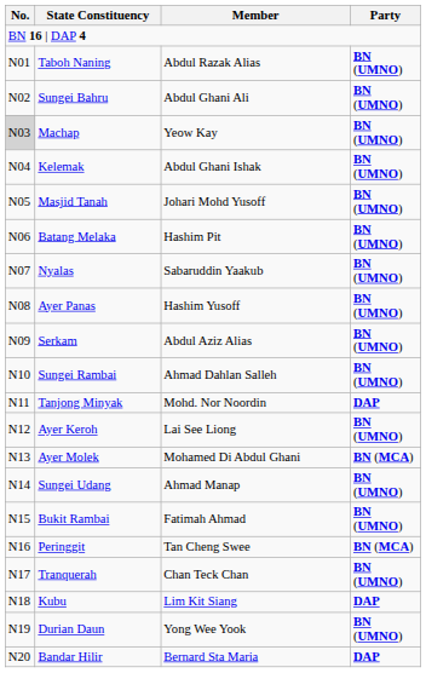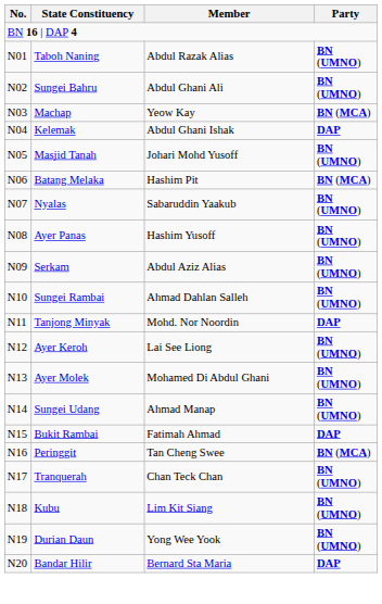 <table class="wikitable sortable">
 <tr>
 <th style="width:30px;">No.</th>
 <th style="width:150px;">State Constituency</th>
 <th style="width:230px;">Member</th>
 <th style="width:80px;">Party</th>
 </tr>
 <tr>
 <td colspan="4"><a href='#'>BN</a> <strong>16</strong> | <a href='#'>DAP</a> <strong>4</strong></td>
 </tr>
 <tr>
 <td>N01</td>
 <td><a href='#'>Taboh Naning</a></td>
 <td>Abdul Razak Alias</td>
 <td><strong><a href='#'>BN</a></strong> (<strong><a href='#'>UMNO</a></strong>)</td>
 </tr>
 <tr>
 <td>N02</td>
 <td><a href='#'>Sungei Bahru</a></td>
 <td>Abdul Ghani Ali</td>
 <td><strong><a href='#'>BN</a></strong> (<strong><a href='#'>UMNO</a></strong>)</td>
 </tr>
 <tr>
-<td style="background: lightgrey;">N03</td>
+<td>N03</td>
 <td><a href='#'>Machap</a></td>
 <td>Yeow Kay</td>
-<td><strong><a href='#'>BN</a></strong> (<strong><a href='#'>UMNO</a></strong>)</td>
+<td><strong><a href='#'>BN</a></strong> (<strong><a href='#'>MCA</a></strong>)</td>
 </tr>
 <tr>
 <td>N04</td>
 <td><a href='#'>Kelemak</a></td>
 <td>Abdul Ghani Ishak</td>
-<td><strong><a href='#'>BN</a></strong> (<strong><a href='#'>UMNO</a></strong>)</td>
+<td><strong><a href='#'>DAP</a></strong></td>
 </tr>
 <tr>
 <td>N05</td>
 <td><a href='#'>Masjid Tanah</a></td>
 <td>Johari Mohd Yusoff</td>
 <td><strong><a href='#'>BN</a></strong> (<strong><a href='#'>UMNO</a></strong>)</td>
 </tr>
 <tr>
 <td>N06</td>
 <td><a href='#'>Batang Melaka</a></td>
 <td>Hashim Pit</td>
-<td><strong><a href='#'>BN</a></strong> (<strong><a href='#'>UMNO</a></strong>)</td>
+<td><strong><a href='#'>BN</a></strong> (<strong><a href='#'>MCA</a></strong>)</td>
 </tr>
 <tr>
 <td>N07</td>
 <td><a href='#'>Nyalas</a></td>
 <td>Sabaruddin Yaakub</td>
 <td><strong><a href='#'>BN</a></strong> (<strong><a href='#'>UMNO</a></strong>)</td>
 </tr>
 <tr>
 <td>N08</td>
 <td><a href='#'>Ayer Panas</a></td>
 <td>Hashim Yusoff</td>
 <td><strong><a href='#'>BN</a></strong> (<strong><a href='#'>UMNO</a></strong>)</td>
 </tr>
 <tr>
 <td>N09</td>
 <td><a href='#'>Serkam</a></td>
 <td>Abdul Aziz Alias</td>
 <td><strong><a href='#'>BN</a></strong> (<strong><a href='#'>UMNO</a></strong>)</td>
 </tr>
 <tr>
 <td>N10</td>
 <td><a href='#'>Sungei Rambai</a></td>
 <td>Ahmad Dahlan Salleh</td>
 <td><strong><a href='#'>BN</a></strong> (<strong><a href='#'>UMNO</a></strong>)</td>
 </tr>
 <tr>
 <td>N11</td>
 <td><a href='#'>Tanjong Minyak</a></td>
 <td>Mohd. Nor Noordin</td>
 <td><strong><a href='#'>DAP</a></strong></td>
 </tr>
 <tr>
 <td>N12</td>
 <td><a href='#'>Ayer Keroh</a></td>
 <td>Lai See Liong</td>
 <td><strong><a href='#'>BN</a></strong> (<strong><a href='#'>UMNO</a></strong>)</td>
 </tr>
 <tr>
 <td>N13</td>
 <td><a href='#'>Ayer Molek</a></td>
 <td>Mohamed Di Abdul Ghani</td>
-<td><strong><a href='#'>BN</a></strong> (<strong><a href='#'>MCA</a></strong>)</td>
+<td><strong><a href='#'>BN</a></strong> (<strong><a href='#'>UMNO</a></strong>)</td>
 </tr>
 <tr>
 <td>N14</td>
 <td><a href='#'>Sungei Udang</a></td>
 <td>Ahmad Manap</td>
 <td><strong><a href='#'>BN</a></strong> (<strong><a href='#'>UMNO</a></strong>)</td>
 </tr>
 <tr>
 <td>N15</td>
 <td><a href='#'>Bukit Rambai</a></td>
 <td>Fatimah Ahmad</td>
-<td><strong><a href='#'>BN</a></strong> (<strong><a href='#'>UMNO</a></strong>)</td>
+<td><strong><a href='#'>DAP</a></strong></td>
 </tr>
 <tr>
 <td>N16</td>
 <td><a href='#'>Peringgit</a></td>
 <td>Tan Cheng Swee</td>
 <td><strong><a href='#'>BN</a></strong> (<strong><a href='#'>MCA</a></strong>)</td>
 </tr>
 <tr>
 <td>N17</td>
 <td><a href='#'>Tranquerah</a></td>
 <td>Chan Teck Chan</td>
 <td><strong><a href='#'>BN</a></strong> (<strong><a href='#'>UMNO</a></strong>)</td>
 </tr>
 <tr>
 <td>N18</td>
 <td><a href='#'>Kubu</a></td>
 <td><a href='#'>Lim Kit Siang</a></td>
-<td><strong><a href='#'>DAP</a></strong></td>
+<td><strong><a href='#'>BN</a></strong> (<strong><a href='#'>UMNO</a></strong>)</td>
 </tr>
 <tr>
 <td>N19</td>
 <td><a href='#'>Durian Daun</a></td>
 <td>Yong Wee Yook</td>
 <td><strong><a href='#'>BN</a></strong> (<strong><a href='#'>UMNO</a></strong>)</td>
 </tr>
 <tr>
 <td>N20</td>
 <td><a href='#'>Bandar Hilir</a></td>
 <td><a href='#'>Bernard Sta Maria</a></td>
 <td><strong><a href='#'>DAP</a></strong></td>
 </tr>
 </table>
